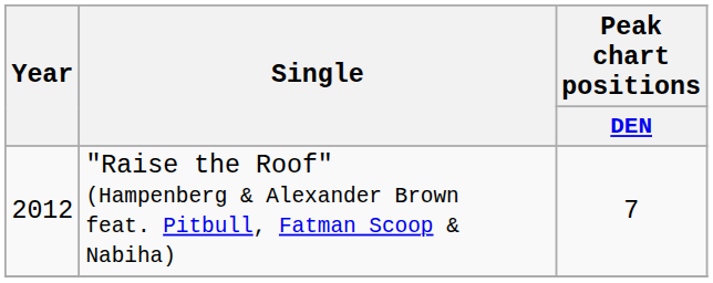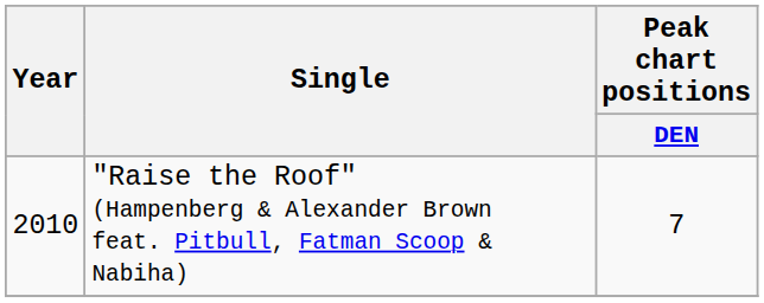 <table class="wikitable plainrowheaders" style="text-align:left;" border="1">
 <tr>
 <th scope="col" rowspan="2" width="10">Year</th>
 <th scope="col" rowspan="2" style="width:18em;">Single</th>
 <th scope="col" colspan="1">Peak chart positions</th>
 </tr>
 <tr>
 <th scope="col" style="width:3em;font-size:90%;"><a href='#'>DEN</a><br></th>
 </tr>
 <tr>
-<td>2012</td>
+<td>2010</td>
 <td>"Raise the Roof"<br><small>(Hampenberg & Alexander Brown<br>feat. <a href='#'>Pitbull</a>, <a href='#'>Fatman Scoop</a> & Nabiha)</small></td>
 <td style="text-align:center;">7</td>
 </tr>
 <tr>
 </tr>
 </table>
